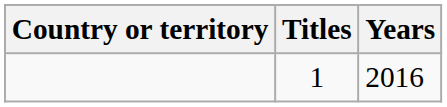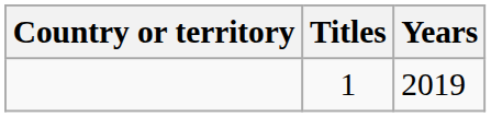 <table class="wikitable" style="font-size:95%;">
 <tr>
 <th>Country or territory</th>
 <th>Titles</th>
 <th>Years</th>
 </tr>
 <tr>
 <td></td>
 <td rowspan="2" style="text-align:center;">1</td>
-<td>2016</td>
+<td>2019</td>
 </tr>
 </table>
